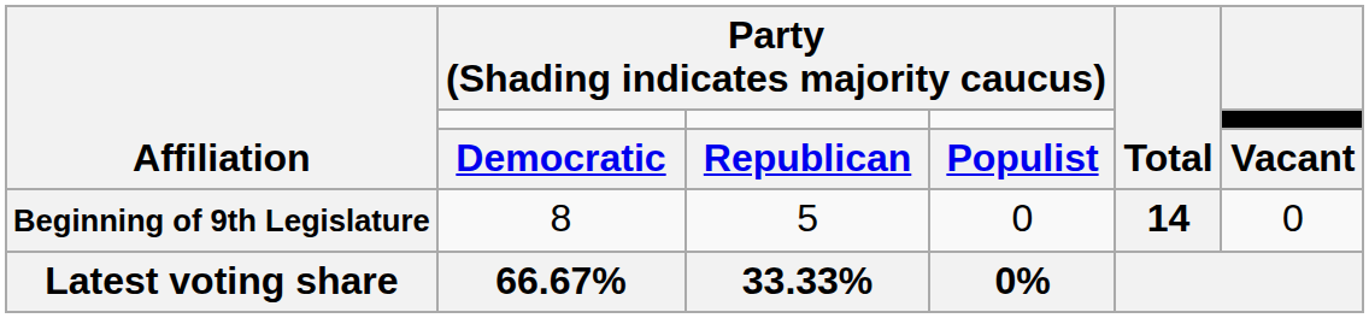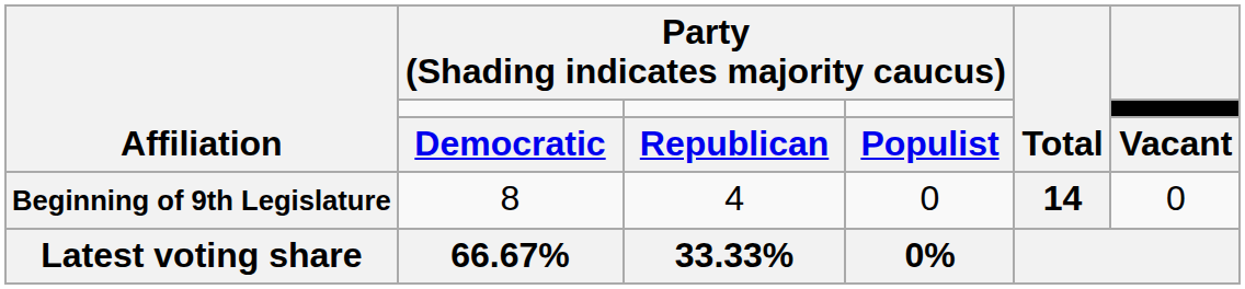 <table class=wikitable style="text-align:center">
 <tr style="vertical-align:bottom;">
 <th rowspan=3>Affiliation</th>
 <th colspan=3>Party <div>(Shading indicates majority caucus)</div></th>
 <th rowspan=3>Total</th>
 <th></th>
 </tr>
 <tr -style="height:5px">
 <td style="background-color:"></td>
 <td style="background-color:"></td>
 <td style="background-color:"></td>
 <td style="background-color:black"></td>
 </tr>
 <tr>
 <th><a href='#'>Democratic</a></th>
 <th><a href='#'>Republican</a></th>
 <th><a href='#'>Populist</a></th>
 <th>Vacant</th>
 </tr>
 <tr>
 <th nowrap style="font-size:80%">Beginning of 9th Legislature</th>
 <td>8</td>
-<td>5</td>
+<td>4</td>
 <td>0</td>
 <th>14</th>
 <td>0</td>
 </tr>
 <tr>
 <th>Latest voting share</th>
 <th>66.67%</th>
 <th>33.33%</th>
 <th>0%</th>
 <th colspan=2></th>
 </tr>
 </table>
